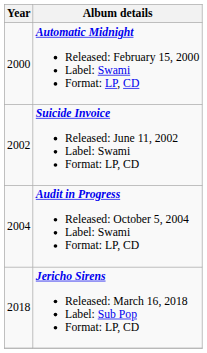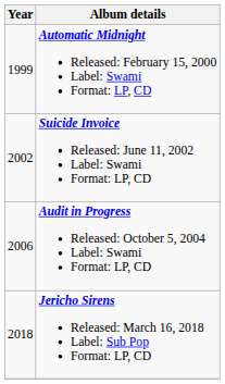 <table class ="wikitable">
 <tr>
 <th>Year</th>
 <th>Album details</th>
 </tr>
 <tr>
-<td>2000</td>
+<td>1999</td>
 <td><strong><em><a href='#'>Automatic Midnight</a></em></strong><br><ul><li>Released: February 15, 2000</li><li>Label: <a href='#'>Swami</a></li><li>Format: <a href='#'>LP</a>, <a href='#'>CD</a></li></ul></td>
 </tr>
 <tr>
 <td>2002</td>
 <td><strong><em><a href='#'>Suicide Invoice</a></em></strong><br><ul><li>Released: June 11, 2002</li><li>Label: Swami</li><li>Format: LP, CD</li></ul></td>
 </tr>
 <tr>
-<td>2004</td>
+<td>2006</td>
 <td><strong><em><a href='#'>Audit in Progress</a></em></strong><br><ul><li>Released: October 5, 2004</li><li>Label: Swami</li><li>Format: LP, CD</li></ul></td>
 </tr>
 <tr>
 <td>2018</td>
 <td><strong><em><a href='#'>Jericho Sirens</a></em></strong><br><ul><li>Released: March 16, 2018</li><li>Label: <a href='#'>Sub Pop</a></li><li>Format: LP, CD</li></ul></td>
 </tr>
 <tr>
 </tr>
 </table>
